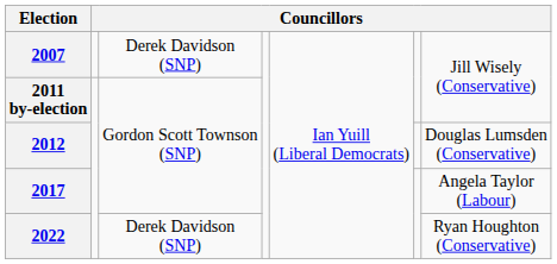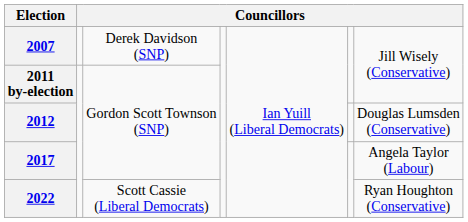 <table class="wikitable" style="text-align:center">
 <tr>
 <th>Election</th>
 <th colspan=8>Councillors</th>
 </tr>
 <tr>
 <th><a href='#'>2007</a></th>
 <td rowspan=1; style="background-color: "></td>
 <td rowspan=1>Derek Davidson<br>(<a href='#'>SNP</a>)</td>
 <td rowspan=5; style="background-color: "></td>
 <td rowspan=5><a href='#'>Ian Yuill</a><br>(<a href='#'>Liberal Democrats</a>)</td>
 <td rowspan=2; style="background-color: "></td>
 <td rowspan=2>Jill Wisely<br>(<a href='#'>Conservative</a>)</td>
 </tr>
 <tr>
 <th>2011<br>by-election</th>
 <td rowspan=4; style="background-color: "></td>
 <td rowspan=3>Gordon Scott Townson<br>(<a href='#'>SNP</a>)</td>
 </tr>
 <tr>
 <th><a href='#'>2012</a></th>
 <td rowspan=1; style="background-color: "></td>
 <td rowspan=1>Douglas Lumsden<br>(<a href='#'>Conservative</a>)</td>
 </tr>
 <tr>
 <th><a href='#'>2017</a></th>
 <td rowspan=2; style="background-color: "></td>
 <td rowspan=1>Angela Taylor<br>(<a href='#'>Labour</a>)</td>
 </tr>
 <tr>
 <th><a href='#'>2022</a></th>
-<td rowspan=1>Derek Davidson<br>(<a href='#'>SNP</a>)</td>
+<td rowspan=1>Scott Cassie<br>(<a href='#'>Liberal Democrats</a>)</td>
 <td rowspan=1>Ryan Houghton<br>(<a href='#'>Conservative</a>)</td>
 </tr>
 </table>
